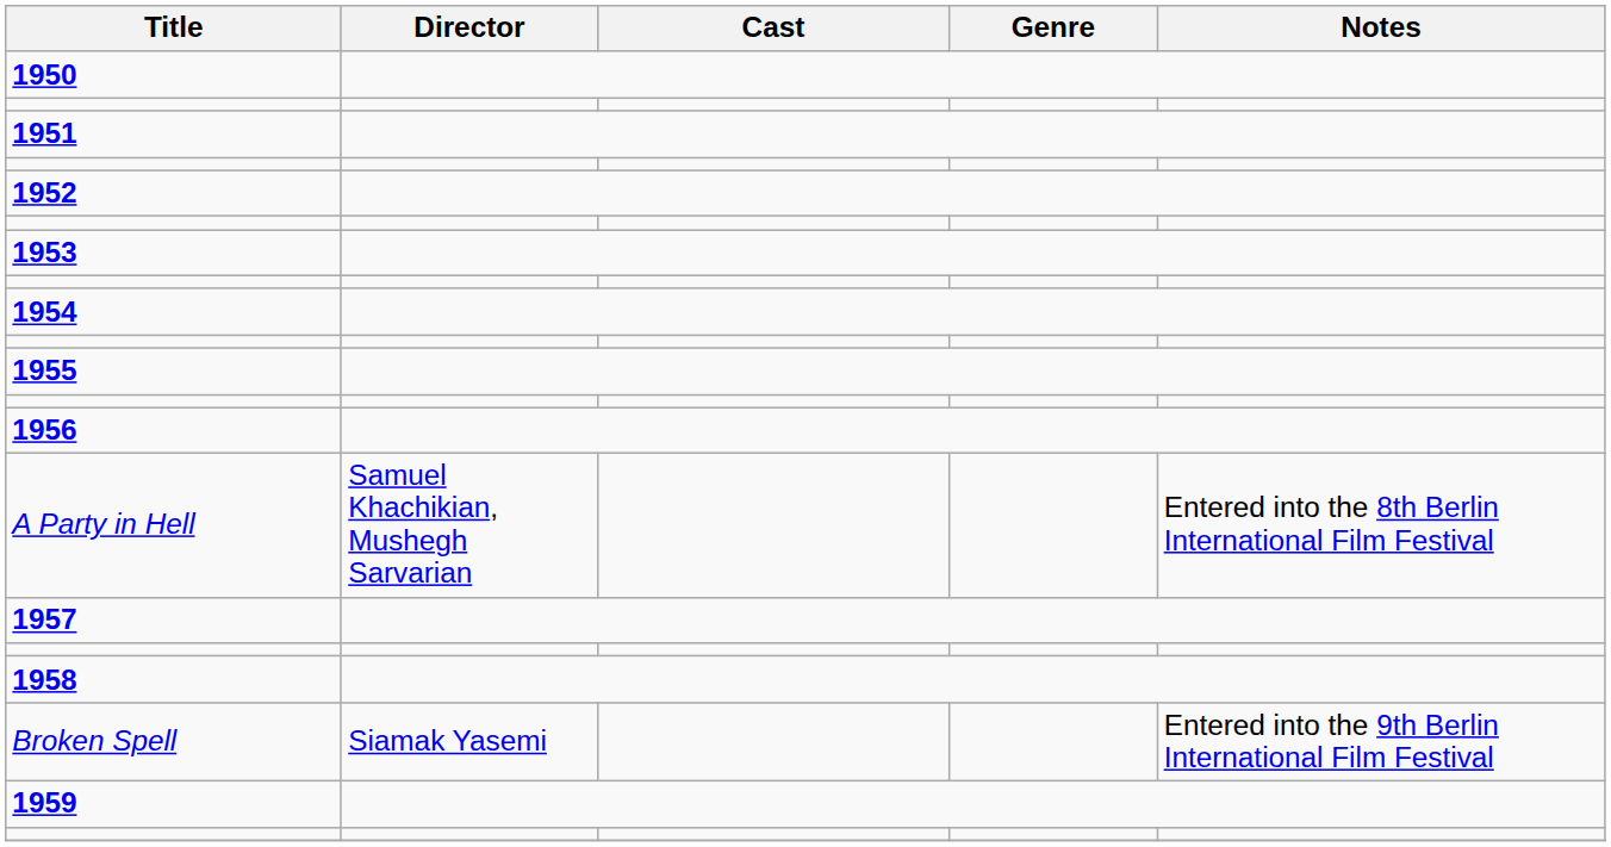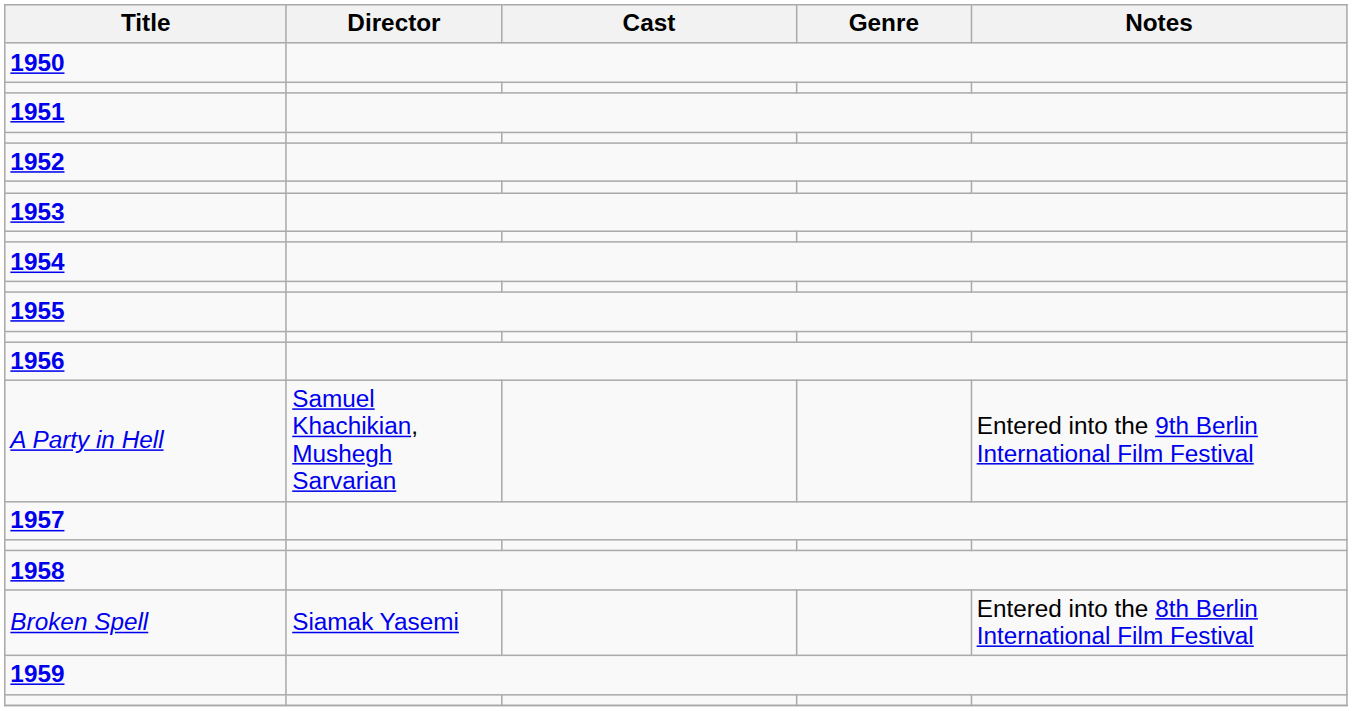 <table class="wikitable" width= "100%">
 <tr>
 <th width=21%>Title</th>
 <th width=16%>Director</th>
 <th width=22%>Cast</th>
 <th width=13%>Genre</th>
 <th width=28%>Notes</th>
 </tr>
 <tr>
 <td><strong><a href='#'>1950</a></strong></td>
 </tr>
 <tr>
 <td></td>
 <td></td>
 <td></td>
 <td></td>
 <td></td>
 </tr>
 <tr>
 <td><strong><a href='#'>1951</a></strong></td>
 </tr>
 <tr>
 <td></td>
 <td></td>
 <td></td>
 <td></td>
 <td></td>
 </tr>
 <tr>
 <td><strong><a href='#'>1952</a></strong></td>
 </tr>
 <tr>
 <td></td>
 <td></td>
 <td></td>
 <td></td>
 <td></td>
 </tr>
 <tr>
 <td><strong><a href='#'>1953</a></strong></td>
 </tr>
 <tr>
 <td></td>
 <td></td>
 <td></td>
 <td></td>
 <td></td>
 </tr>
 <tr>
 <td><strong><a href='#'>1954</a></strong></td>
 </tr>
 <tr>
 <td></td>
 <td></td>
 <td></td>
 <td></td>
 <td></td>
 </tr>
 <tr>
 <td><strong><a href='#'>1955</a></strong></td>
 </tr>
 <tr>
 <td></td>
 <td></td>
 <td></td>
 <td></td>
 <td></td>
 </tr>
 <tr>
 <td><strong><a href='#'>1956</a></strong></td>
 </tr>
 <tr>
 <td><em><a href='#'>A Party in Hell</a></em></td>
 <td><a href='#'>Samuel Khachikian</a>, <a href='#'>Mushegh Sarvarian</a></td>
 <td></td>
 <td></td>
-<td>Entered into the <a href='#'>8th Berlin International Film Festival</a></td>
+<td>Entered into the <a href='#'>9th Berlin International Film Festival</a></td>
 </tr>
 <tr>
 <td><strong><a href='#'>1957</a></strong></td>
 </tr>
 <tr>
 <td></td>
 <td></td>
 <td></td>
 <td></td>
 <td></td>
 </tr>
 <tr>
 <td><strong><a href='#'>1958</a></strong></td>
 </tr>
 <tr>
 <td><em><a href='#'>Broken Spell</a></em></td>
 <td><a href='#'>Siamak Yasemi</a></td>
 <td></td>
 <td></td>
-<td>Entered into the <a href='#'>9th Berlin International Film Festival</a></td>
+<td>Entered into the <a href='#'>8th Berlin International Film Festival</a></td>
 </tr>
 <tr>
 <td><strong><a href='#'>1959</a></strong></td>
 </tr>
 <tr>
 <td></td>
 <td></td>
 <td></td>
 <td></td>
 <td></td>
 </tr>
 <tr>
 </tr>
 </table>
